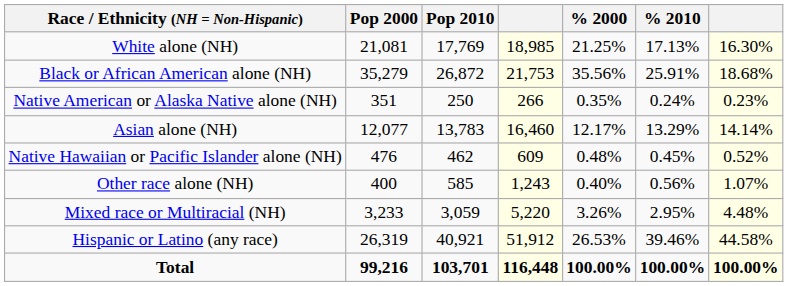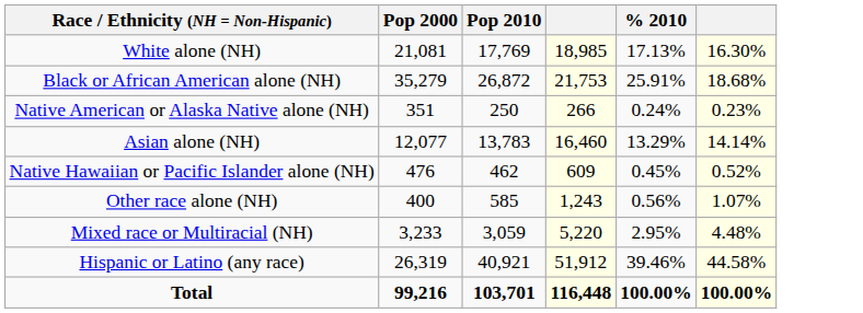 <table class="wikitable" style="text-align:center;">
 <tr>
 <th>Race / Ethnicity <small>(<em>NH = Non-Hispanic</em>)</small></th>
 <th>Pop 2000</th>
 <th>Pop 2010</th>
 <th></th>
-<th>% 2000</th>
 <th>% 2010</th>
 <th></th>
 </tr>
 <tr>
 <td><a href='#'>White</a> alone (NH)</td>
 <td>21,081</td>
 <td>17,769</td>
 <td style='background: #ffffe6;'>18,985</td>
-<td>21.25%</td>
 <td>17.13%</td>
 <td style='background: #ffffe6;'>16.30%</td>
 </tr>
 <tr>
 <td><a href='#'>Black or African American</a> alone (NH)</td>
 <td>35,279</td>
 <td>26,872</td>
 <td style='background: #ffffe6;'>21,753</td>
-<td>35.56%</td>
 <td>25.91%</td>
 <td style='background: #ffffe6;'>18.68%</td>
 </tr>
 <tr>
 <td><a href='#'>Native American</a> or <a href='#'>Alaska Native</a> alone (NH)</td>
 <td>351</td>
 <td>250</td>
 <td style='background: #ffffe6;'>266</td>
-<td>0.35%</td>
 <td>0.24%</td>
 <td style='background: #ffffe6;'>0.23%</td>
 </tr>
 <tr>
 <td><a href='#'>Asian</a> alone (NH)</td>
 <td>12,077</td>
 <td>13,783</td>
 <td style='background: #ffffe6;'>16,460</td>
-<td>12.17%</td>
 <td>13.29%</td>
 <td style='background: #ffffe6;'>14.14%</td>
 </tr>
 <tr>
 <td><a href='#'>Native Hawaiian</a> or <a href='#'>Pacific Islander</a> alone (NH)</td>
 <td>476</td>
 <td>462</td>
 <td style='background: #ffffe6;'>609</td>
-<td>0.48%</td>
 <td>0.45%</td>
 <td style='background: #ffffe6;'>0.52%</td>
 </tr>
 <tr>
 <td><a href='#'>Other race</a> alone (NH)</td>
 <td>400</td>
 <td>585</td>
 <td style='background: #ffffe6;'>1,243</td>
-<td>0.40%</td>
 <td>0.56%</td>
 <td style='background: #ffffe6;'>1.07%</td>
 </tr>
 <tr>
 <td><a href='#'>Mixed race or Multiracial</a> (NH)</td>
 <td>3,233</td>
 <td>3,059</td>
 <td style='background: #ffffe6;'>5,220</td>
-<td>3.26%</td>
 <td>2.95%</td>
 <td style='background: #ffffe6;'>4.48%</td>
 </tr>
 <tr>
 <td><a href='#'>Hispanic or Latino</a> (any race)</td>
 <td>26,319</td>
 <td>40,921</td>
 <td style='background: #ffffe6;'>51,912</td>
-<td>26.53%</td>
 <td>39.46%</td>
 <td style='background: #ffffe6;'>44.58%</td>
 </tr>
 <tr>
 <td><strong>Total</strong></td>
 <td><strong>99,216</strong></td>
 <td><strong>103,701</strong></td>
 <td style='background: #ffffe6;'><strong>116,448</strong></td>
 <td><strong>100.00%</strong></td>
-<td><strong>100.00%</strong></td>
 <td style='background: #ffffe6;'><strong>100.00%</strong></td>
 </tr>
 </table>
